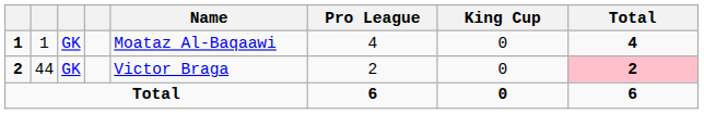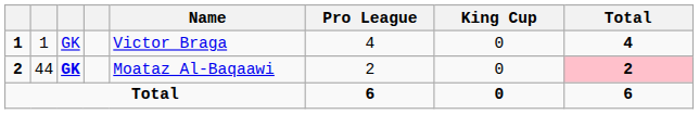 <table class="wikitable" style="text-align:center">
 <tr>
 <th width=15></th>
 <th width=15></th>
 <th width=15></th>
 <th width=15></th>
 <th width=155>Name</th>
 <th width=100>Pro League</th>
 <th width=100>King Cup</th>
 <th width=100>Total</th>
 </tr>
 <tr>
 <td><strong>1</strong></td>
 <td>1</td>
 <td><a href='#'>GK</a></td>
 <td></td>
-<td align=left><a href='#'>Moataz Al-Baqaawi</a></td>
+<td align=left><a href='#'>Victor Braga</a></td>
 <td>4</td>
 <td>0</td>
 <td><strong>4</strong></td>
 </tr>
 <tr>
 <td><strong>2</strong></td>
 <td>44</td>
-<td><a href='#'>GK</a></td>
+<td><strong><a href='#'>GK</a></strong></td>
 <td></td>
-<td align=left><a href='#'>Victor Braga</a></td>
+<td align=left><a href='#'>Moataz Al-Baqaawi</a></td>
 <td>2</td>
 <td>0</td>
 <td style="background: pink;"><strong>2</strong></td>
 </tr>
 <tr>
 <td colspan=5><strong>Total</strong></td>
 <td><strong>6</strong></td>
 <td><strong>0</strong></td>
 <td><strong>6</strong></td>
 </tr>
 </table>
